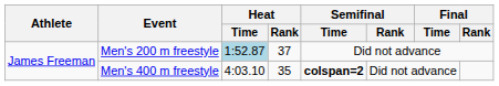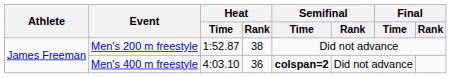 <table class=wikitable style="font-size:90%">
 <tr>
 <th rowspan="2">Athlete</th>
 <th rowspan="2">Event</th>
 <th colspan="2">Heat</th>
 <th colspan="2">Semifinal</th>
 <th colspan="2">Final</th>
 </tr>
 <tr style="font-size:95%">
 <th>Time</th>
 <th>Rank</th>
 <th>Time</th>
 <th>Rank</th>
 <th>Time</th>
 <th>Rank</th>
 </tr>
 <tr align=center>
 <td align=left rowspan=2><a href='#'>James Freeman</a></td>
 <td align=left><a href='#'>Men's 200 m freestyle</a></td>
-<td style="background: lightblue;">1:52.87</td>
-<td>37</td>
+<td>1:52.87</td>
+<td>38</td>
 <td colspan=4>Did not advance</td>
 </tr>
 <tr align=center>
 <td align=left><a href='#'>Men's 400 m freestyle</a></td>
 <td>4:03.10</td>
-<td>35</td>
+<td>36</td>
 <td><strong>colspan=2</strong></td>
 <td colspan="2">Did not advance</td>
 </tr>
 </table>
